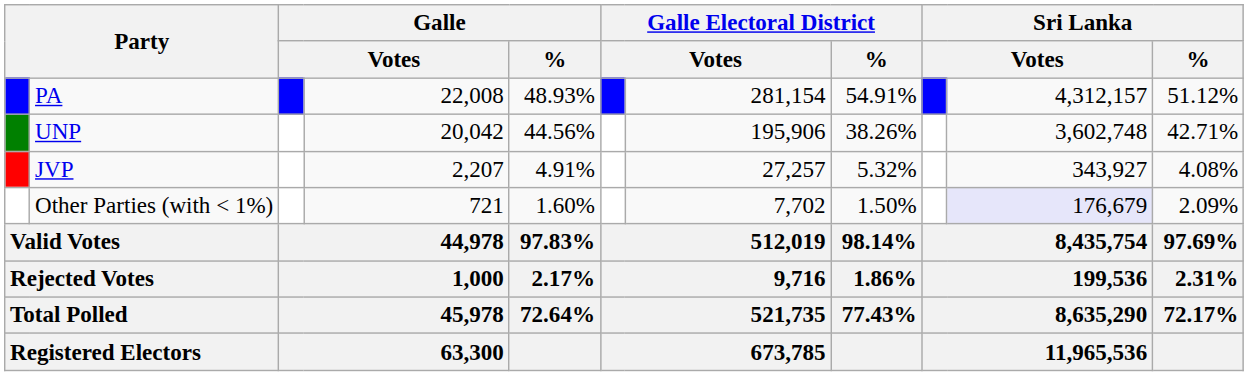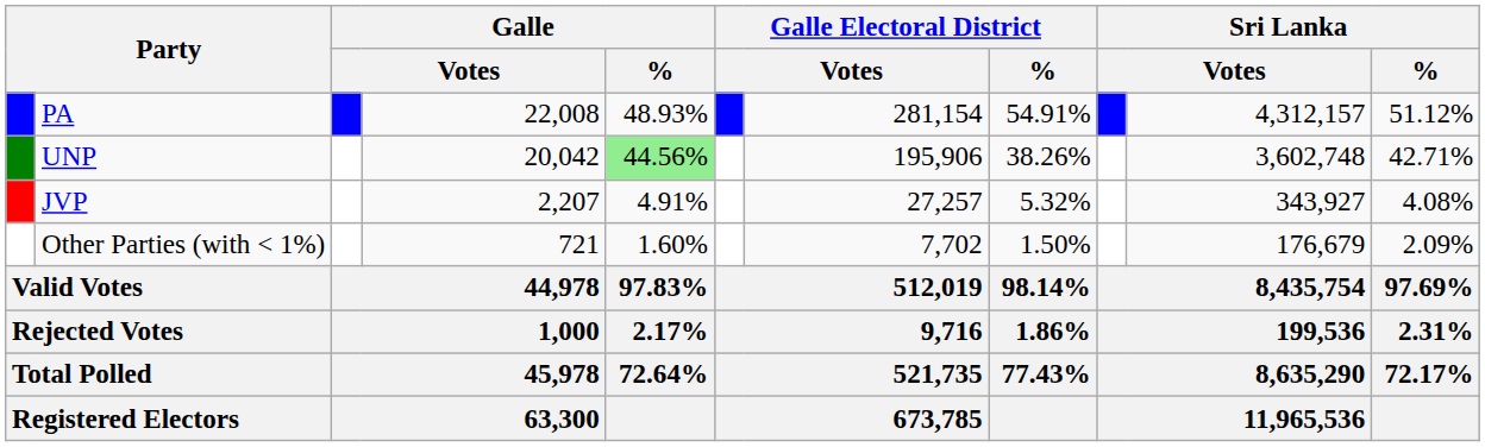 <table class="wikitable">
 <tr>
 <th colspan="2" width="144px"rowspan="2">Party</th>
 <th colspan="3" width="216px">Galle</th>
 <th colspan="3" width="216px"><a href='#'>Galle Electoral District</a></th>
 <th colspan="3" width="216px">Sri Lanka</th>
 </tr>
 <tr>
 <th colspan="2" width="144px">Votes</th>
 <th>%</th>
 <th colspan="2" width="144px">Votes</th>
 <th>%</th>
 <th colspan="2" width="144px">Votes</th>
 <th>%</th>
 </tr>
 <tr>
 <td style="background-color:blue;" width="10px"></td>
 <td style="text-align:left;"><a href='#'>PA</a></td>
 <td style="background-color:blue;" width="10px"></td>
 <td style="text-align:right;">22,008</td>
 <td style="text-align:right;">48.93%</td>
 <td style="background-color:blue;" width="10px"></td>
 <td style="text-align:right;">281,154</td>
 <td style="text-align:right;">54.91%</td>
 <td style="background-color:blue;" width="10px"></td>
 <td style="text-align:right;">4,312,157</td>
 <td style="text-align:right;">51.12%</td>
 </tr>
 <tr>
 <td style="background-color:green;" width="10px"></td>
 <td style="text-align:left;"><a href='#'>UNP</a></td>
 <td style="background-color:white;" width="10px"></td>
 <td style="text-align:right;">20,042</td>
-<td style="text-align:right;">44.56%</td>
+<td style="background: lightgreen; text-align:right;">44.56%</td>
 <td style="background-color:white;" width="10px"></td>
 <td style="text-align:right;">195,906</td>
 <td style="text-align:right;">38.26%</td>
 <td style="background-color:white;" width="10px"></td>
 <td style="text-align:right;">3,602,748</td>
 <td style="text-align:right;">42.71%</td>
 </tr>
 <tr>
 <td style="background-color:red;" width="10px"></td>
 <td style="text-align:left;"><a href='#'>JVP</a></td>
 <td style="background-color:white;" width="10px"></td>
 <td style="text-align:right;">2,207</td>
 <td style="text-align:right;">4.91%</td>
 <td style="background-color:white;" width="10px"></td>
 <td style="text-align:right;">27,257</td>
 <td style="text-align:right;">5.32%</td>
 <td style="background-color:white;" width="10px"></td>
 <td style="text-align:right;">343,927</td>
 <td style="text-align:right;">4.08%</td>
 </tr>
 <tr>
 <td style="background-color:white;" width="10px"></td>
 <td style="text-align:left;">Other Parties (with < 1%)</td>
 <td style="background-color:white;" width="10px"></td>
 <td style="text-align:right;">721</td>
 <td style="text-align:right;">1.60%</td>
 <td style="background-color:white;" width="10px"></td>
 <td style="text-align:right;">7,702</td>
 <td style="text-align:right;">1.50%</td>
 <td style="background-color:white;" width="10px"></td>
-<td style="background: lavender; text-align:right;">176,679</td>
+<td style="text-align:right;">176,679</td>
 <td style="text-align:right;">2.09%</td>
 </tr>
 <tr>
 <th colspan="2" width="144px"style="text-align:left;">Valid Votes</th>
 <th style="text-align:right;"colspan="2" width="144px">44,978</th>
 <th style="text-align:right;">97.83%</th>
 <th style="text-align:right;"colspan="2" width="144px">512,019</th>
 <th style="text-align:right;">98.14%</th>
 <th style="text-align:right;"colspan="2" width="144px">8,435,754</th>
 <th style="text-align:right;">97.69%</th>
 </tr>
 <tr>
 <th colspan="2" width="144px"style="text-align:left;">Rejected Votes</th>
 <th style="text-align:right;"colspan="2" width="144px">1,000</th>
 <th style="text-align:right;">2.17%</th>
 <th style="text-align:right;"colspan="2" width="144px">9,716</th>
 <th style="text-align:right;">1.86%</th>
 <th style="text-align:right;"colspan="2" width="144px">199,536</th>
 <th style="text-align:right;">2.31%</th>
 </tr>
 <tr>
 <th colspan="2" width="144px"style="text-align:left;">Total Polled</th>
 <th style="text-align:right;"colspan="2" width="144px">45,978</th>
 <th style="text-align:right;">72.64%</th>
 <th style="text-align:right;"colspan="2" width="144px">521,735</th>
 <th style="text-align:right;">77.43%</th>
 <th style="text-align:right;"colspan="2" width="144px">8,635,290</th>
 <th style="text-align:right;">72.17%</th>
 </tr>
 <tr>
 <th colspan="2" width="144px"style="text-align:left;">Registered Electors</th>
 <th style="text-align:right;"colspan="2" width="144px">63,300</th>
 <th></th>
 <th style="text-align:right;"colspan="2" width="144px">673,785</th>
 <th></th>
 <th style="text-align:right;"colspan="2" width="144px">11,965,536</th>
 <th></th>
 </tr>
 </table>
